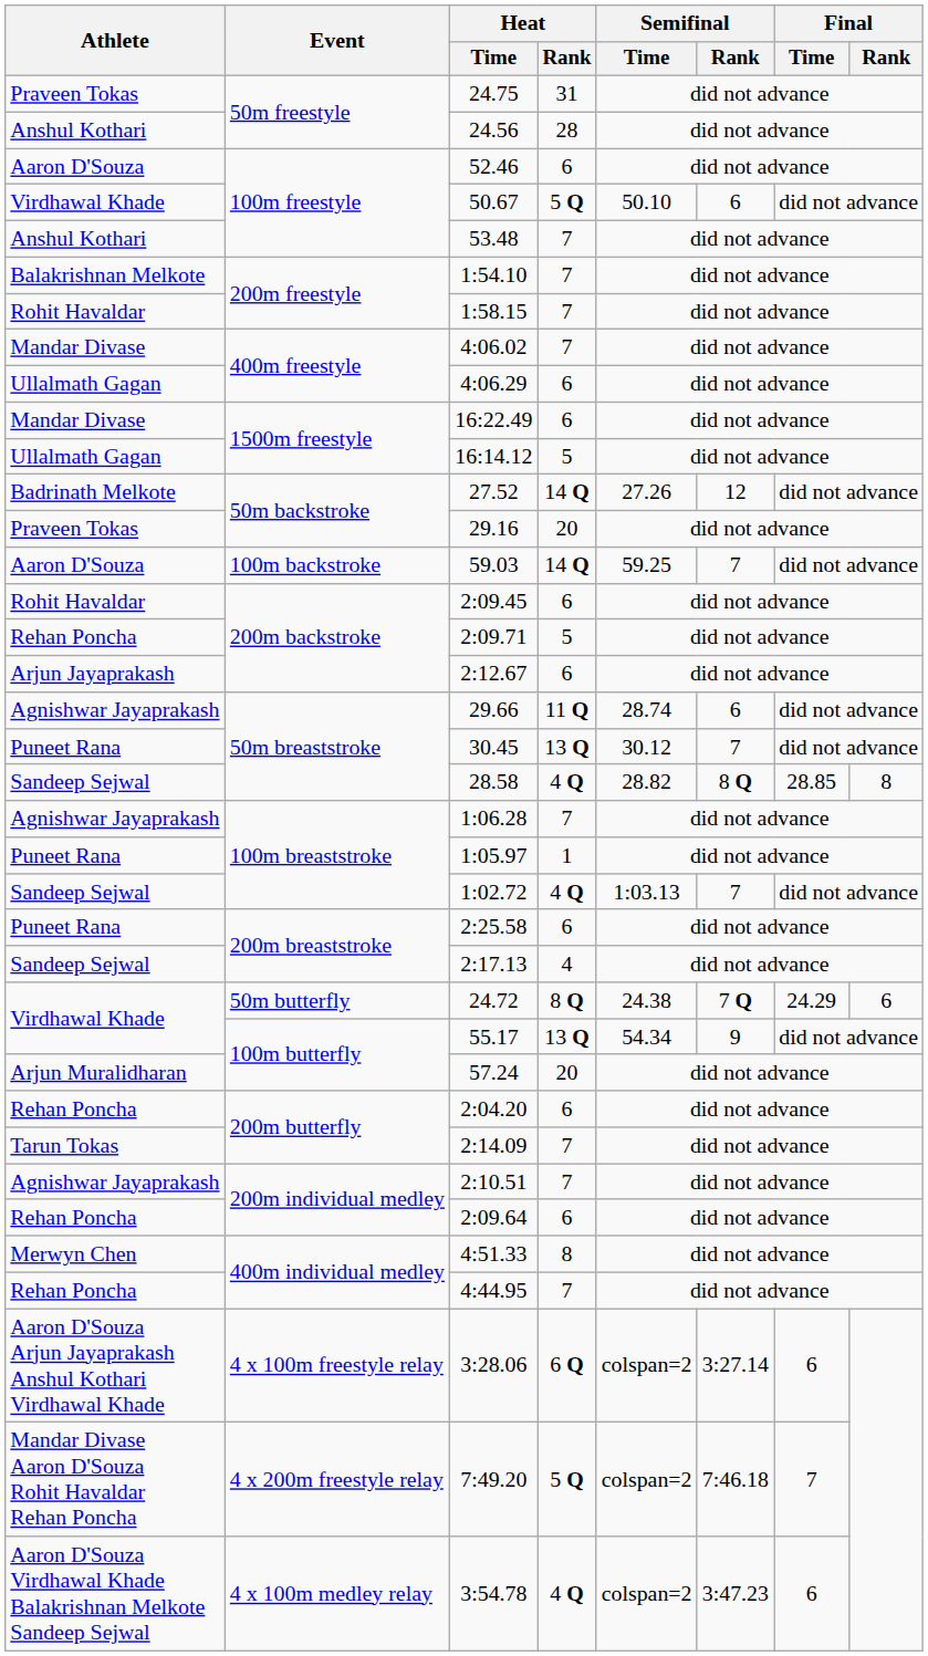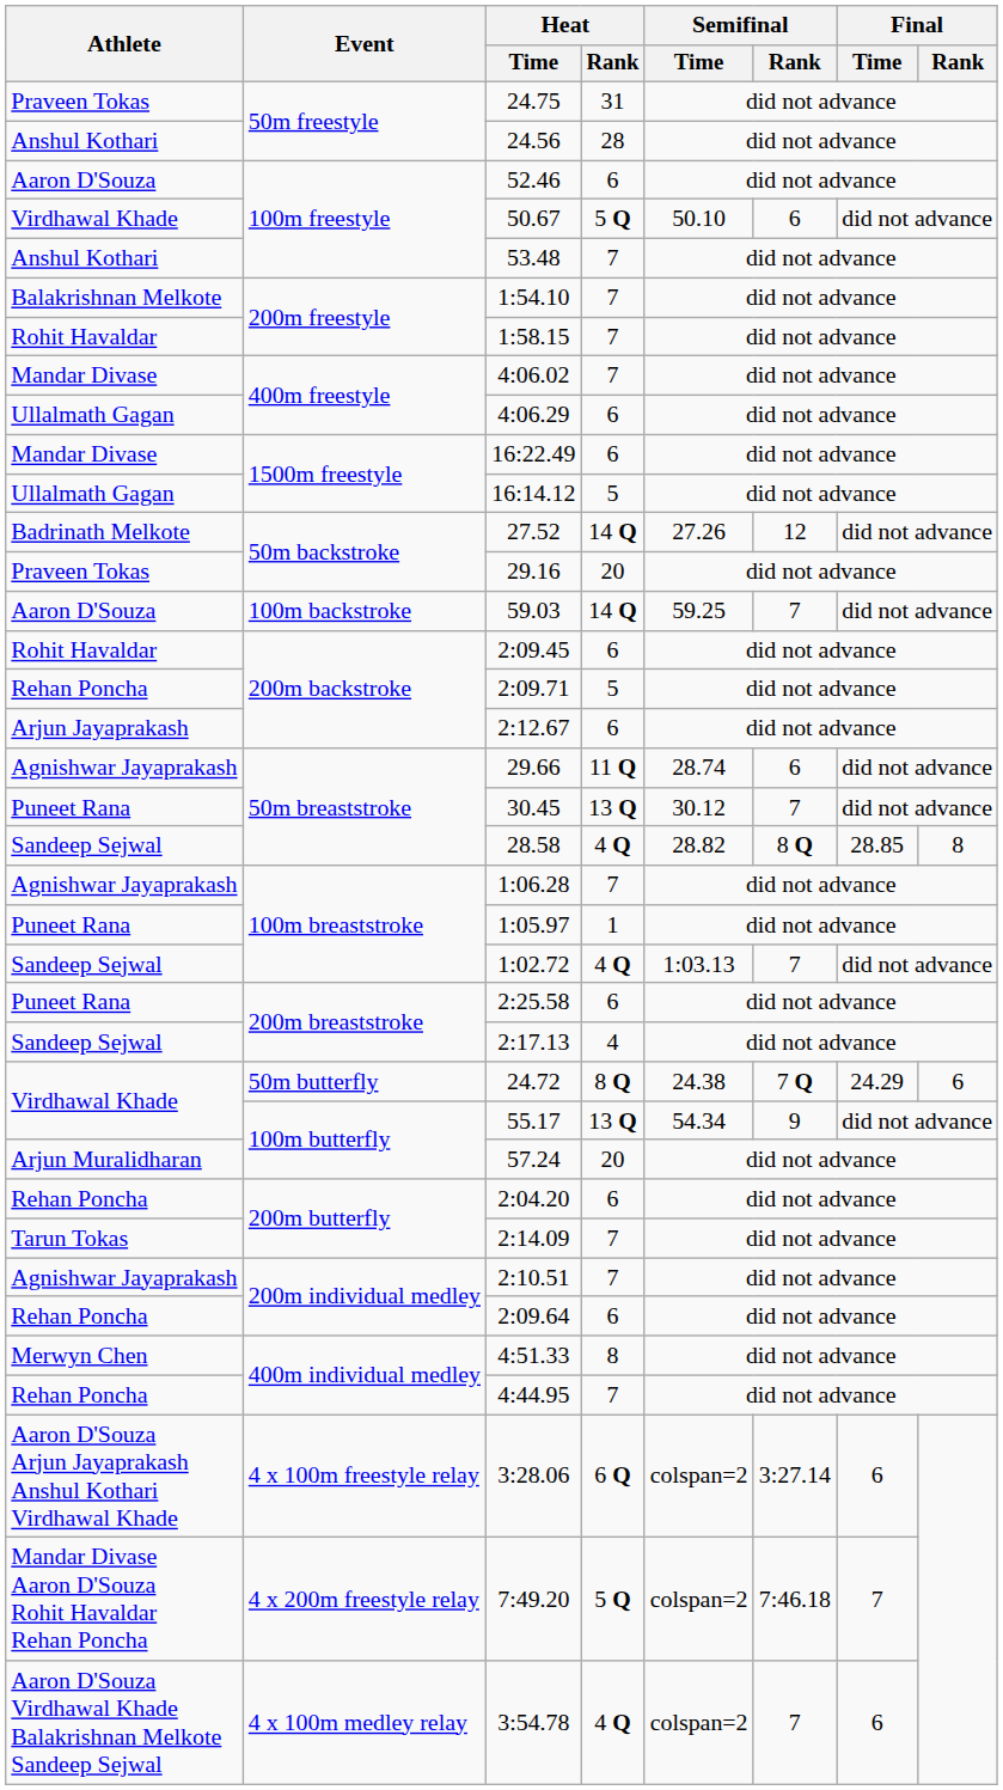 <table class=wikitable style="font-size:90%">
 <tr>
 <th rowspan="2">Athlete</th>
 <th rowspan="2">Event</th>
 <th colspan="2">Heat</th>
 <th colspan="2">Semifinal</th>
 <th colspan="2">Final</th>
 </tr>
 <tr style="font-size:95%">
 <th>Time</th>
 <th>Rank</th>
 <th>Time</th>
 <th>Rank</th>
 <th>Time</th>
 <th>Rank</th>
 </tr>
 <tr align=center>
 <td align=left><a href='#'>Praveen Tokas</a></td>
 <td align=left rowspan=2><a href='#'>50m freestyle</a></td>
 <td>24.75</td>
 <td>31</td>
 <td colspan=4>did not advance</td>
 </tr>
 <tr align=center>
 <td align=left><a href='#'>Anshul Kothari</a></td>
 <td>24.56</td>
 <td>28</td>
 <td colspan=4>did not advance</td>
 </tr>
 <tr align=center>
 <td align=left><a href='#'>Aaron D'Souza</a></td>
 <td align=left rowspan=3><a href='#'>100m freestyle</a></td>
 <td>52.46</td>
 <td>6</td>
 <td colspan=4>did not advance</td>
 </tr>
 <tr align=center>
 <td align=left><a href='#'>Virdhawal Khade</a></td>
 <td>50.67</td>
 <td>5 <strong>Q</strong></td>
 <td>50.10</td>
 <td>6</td>
 <td colspan=2>did not advance</td>
 </tr>
 <tr align=center>
 <td align=left><a href='#'>Anshul Kothari</a></td>
 <td>53.48</td>
 <td>7</td>
 <td colspan=4>did not advance</td>
 </tr>
 <tr align=center>
 <td align=left><a href='#'>Balakrishnan Melkote</a></td>
 <td align=left rowspan=2><a href='#'>200m freestyle</a></td>
 <td>1:54.10</td>
 <td>7</td>
 <td colspan=4>did not advance</td>
 </tr>
 <tr align=center>
 <td align=left><a href='#'>Rohit Havaldar</a></td>
 <td>1:58.15</td>
 <td>7</td>
 <td colspan=4>did not advance</td>
 </tr>
 <tr align=center>
 <td align=left><a href='#'>Mandar Divase</a></td>
 <td align=left rowspan=2><a href='#'>400m freestyle</a></td>
 <td>4:06.02</td>
 <td>7</td>
 <td colspan=4>did not advance</td>
 </tr>
 <tr align=center>
 <td align=left><a href='#'>Ullalmath Gagan</a></td>
 <td>4:06.29</td>
 <td>6</td>
 <td colspan=4>did not advance</td>
 </tr>
 <tr align=center>
 <td align=left><a href='#'>Mandar Divase</a></td>
 <td align=left rowspan=2><a href='#'>1500m freestyle</a></td>
 <td>16:22.49</td>
 <td>6</td>
 <td colspan=4>did not advance</td>
 </tr>
 <tr align=center>
 <td align=left><a href='#'>Ullalmath Gagan</a></td>
 <td>16:14.12</td>
 <td>5</td>
 <td colspan=4>did not advance</td>
 </tr>
 <tr align=center>
 <td align=left><a href='#'>Badrinath Melkote</a></td>
 <td align=left rowspan=2><a href='#'>50m backstroke</a></td>
 <td>27.52</td>
 <td>14 <strong>Q</strong></td>
 <td>27.26</td>
 <td>12</td>
 <td colspan=2>did not advance</td>
 </tr>
 <tr align=center>
 <td align=left><a href='#'>Praveen Tokas</a></td>
 <td>29.16</td>
 <td>20</td>
 <td colspan=4>did not advance</td>
 </tr>
 <tr align=center>
 <td align=left><a href='#'>Aaron D'Souza</a></td>
 <td align=left><a href='#'>100m backstroke</a></td>
 <td>59.03</td>
 <td>14 <strong>Q</strong></td>
 <td>59.25</td>
 <td>7</td>
 <td colspan=2>did not advance</td>
 </tr>
 <tr align=center>
 <td align=left><a href='#'>Rohit Havaldar</a></td>
 <td align=left rowspan=3><a href='#'>200m backstroke</a></td>
 <td>2:09.45</td>
 <td>6</td>
 <td colspan=4>did not advance</td>
 </tr>
 <tr align=center>
 <td align=left><a href='#'>Rehan Poncha</a></td>
 <td>2:09.71</td>
 <td>5</td>
 <td colspan=4>did not advance</td>
 </tr>
 <tr align=center>
 <td align=left><a href='#'>Arjun Jayaprakash</a></td>
 <td>2:12.67</td>
 <td>6</td>
 <td colspan=4>did not advance</td>
 </tr>
 <tr align=center>
 <td align=left><a href='#'>Agnishwar Jayaprakash</a></td>
 <td align=left rowspan=3><a href='#'>50m breaststroke</a></td>
 <td>29.66</td>
 <td>11 <strong>Q</strong></td>
 <td>28.74</td>
 <td>6</td>
 <td colspan=2>did not advance</td>
 </tr>
 <tr align=center>
 <td align=left><a href='#'>Puneet Rana</a></td>
 <td>30.45</td>
 <td>13 <strong>Q</strong></td>
 <td>30.12</td>
 <td>7</td>
 <td colspan=2>did not advance</td>
 </tr>
 <tr align=center>
 <td align=left><a href='#'>Sandeep Sejwal</a></td>
 <td>28.58</td>
 <td>4 <strong>Q</strong></td>
 <td>28.82</td>
 <td>8 <strong>Q</strong></td>
 <td>28.85</td>
 <td>8</td>
 </tr>
 <tr align=center>
 <td align=left><a href='#'>Agnishwar Jayaprakash</a></td>
 <td align=left rowspan=3><a href='#'>100m breaststroke</a></td>
 <td>1:06.28</td>
 <td>7</td>
 <td colspan=4>did not advance</td>
 </tr>
 <tr align=center>
 <td align=left><a href='#'>Puneet Rana</a></td>
 <td>1:05.97</td>
 <td>1</td>
 <td colspan=4>did not advance</td>
 </tr>
 <tr align=center>
 <td align=left><a href='#'>Sandeep Sejwal</a></td>
 <td>1:02.72</td>
 <td>4 <strong>Q</strong></td>
 <td>1:03.13</td>
 <td>7</td>
 <td colspan=2>did not advance</td>
 </tr>
 <tr align=center>
 <td align=left><a href='#'>Puneet Rana</a></td>
 <td align=left rowspan=2><a href='#'>200m breaststroke</a></td>
 <td>2:25.58</td>
 <td>6</td>
 <td colspan=4>did not advance</td>
 </tr>
 <tr align=center>
 <td align=left><a href='#'>Sandeep Sejwal</a></td>
 <td>2:17.13</td>
 <td>4</td>
 <td colspan=4>did not advance</td>
 </tr>
 <tr align=center>
 <td align=left rowspan=2><a href='#'>Virdhawal Khade</a></td>
 <td align=left><a href='#'>50m butterfly</a></td>
 <td>24.72</td>
 <td>8 <strong>Q</strong></td>
 <td>24.38</td>
 <td>7 <strong>Q</strong></td>
 <td>24.29</td>
 <td>6</td>
 </tr>
 <tr align=center>
 <td align=left rowspan=2><a href='#'>100m butterfly</a></td>
 <td>55.17</td>
 <td>13 <strong>Q</strong></td>
 <td>54.34</td>
 <td>9</td>
 <td colspan=2>did not advance</td>
 </tr>
 <tr align=center>
 <td align=left><a href='#'>Arjun Muralidharan</a></td>
 <td>57.24</td>
 <td>20</td>
 <td colspan=4>did not advance</td>
 </tr>
 <tr align=center>
 <td align=left><a href='#'>Rehan Poncha</a></td>
 <td align=left rowspan=2><a href='#'>200m butterfly</a></td>
 <td>2:04.20</td>
 <td>6</td>
 <td colspan=4>did not advance</td>
 </tr>
 <tr align=center>
 <td align=left><a href='#'>Tarun Tokas</a></td>
 <td>2:14.09</td>
 <td>7</td>
 <td colspan=4>did not advance</td>
 </tr>
 <tr align=center>
 <td align=left><a href='#'>Agnishwar Jayaprakash</a></td>
 <td align=left rowspan=2><a href='#'>200m individual medley</a></td>
 <td>2:10.51</td>
 <td>7</td>
 <td colspan=4>did not advance</td>
 </tr>
 <tr align=center>
 <td align=left><a href='#'>Rehan Poncha</a></td>
 <td>2:09.64</td>
 <td>6</td>
 <td colspan=4>did not advance</td>
 </tr>
 <tr align=center>
 <td align=left><a href='#'>Merwyn Chen</a></td>
 <td align=left rowspan=2><a href='#'>400m individual medley</a></td>
 <td>4:51.33</td>
 <td>8</td>
 <td colspan=4>did not advance</td>
 </tr>
 <tr align=center>
 <td align=left><a href='#'>Rehan Poncha</a></td>
 <td>4:44.95</td>
 <td>7</td>
 <td colspan=4>did not advance</td>
 </tr>
 <tr align=center>
 <td align=left><a href='#'>Aaron D'Souza</a><br><a href='#'>Arjun Jayaprakash</a><br><a href='#'>Anshul Kothari</a><br><a href='#'>Virdhawal Khade</a></td>
 <td align=left><a href='#'>4 x 100m freestyle relay</a></td>
 <td>3:28.06</td>
 <td>6 <strong>Q</strong></td>
 <td>colspan=2 </td>
 <td>3:27.14</td>
 <td>6</td>
 </tr>
 <tr align=center>
 <td align=left><a href='#'>Mandar Divase</a><br><a href='#'>Aaron D'Souza</a><br><a href='#'>Rohit Havaldar</a><br><a href='#'>Rehan Poncha</a></td>
 <td align=left><a href='#'>4 x 200m freestyle relay</a></td>
 <td>7:49.20</td>
 <td>5 <strong>Q</strong></td>
 <td>colspan=2 </td>
 <td>7:46.18</td>
 <td>7</td>
 </tr>
 <tr align=center>
 <td align=left><a href='#'>Aaron D'Souza</a><br><a href='#'>Virdhawal Khade</a><br><a href='#'>Balakrishnan Melkote</a><br><a href='#'>Sandeep Sejwal</a></td>
 <td align=left><a href='#'>4 x 100m medley relay</a></td>
 <td>3:54.78</td>
 <td>4 <strong>Q</strong></td>
 <td>colspan=2 </td>
-<td>3:47.23</td>
+<td>7</td>
 <td>6</td>
 </tr>
 </table>
